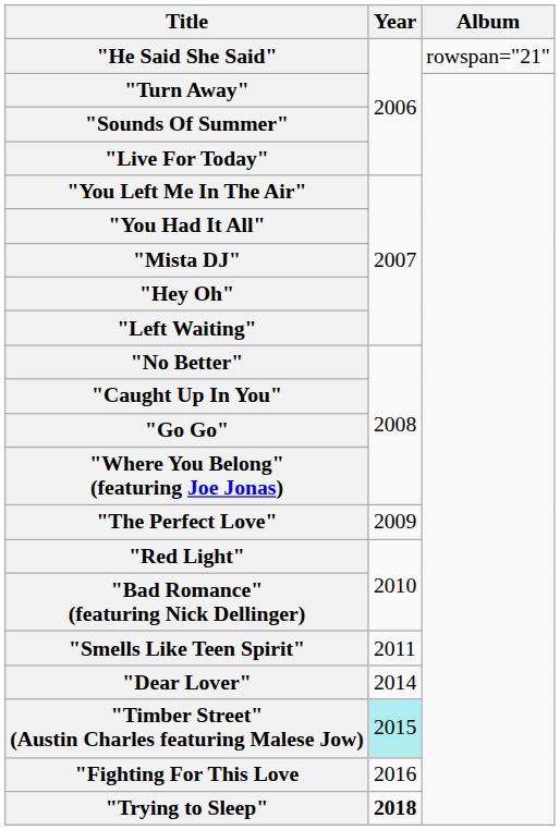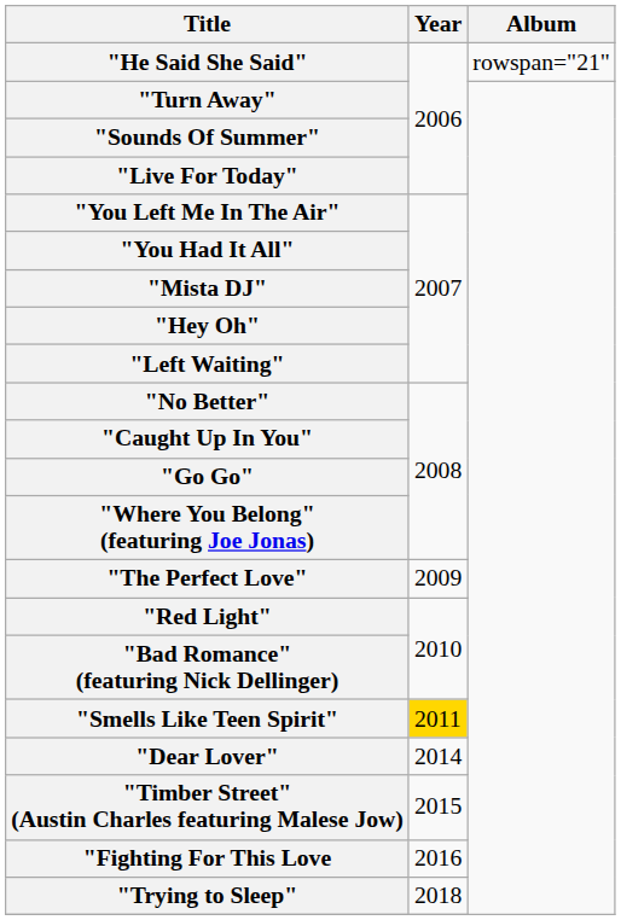 <table class="wikitable plainrowheaders">
 <tr>
 <th>Title</th>
 <th>Year</th>
 <th>Album</th>
 </tr>
 <tr>
 <th scope="row">"He Said She Said"</th>
 <td rowspan="4">2006</td>
 <td>rowspan="21" </td>
 </tr>
 <tr>
 <th scope="row">"Turn Away"</th>
 </tr>
 <tr>
 <th scope="row">"Sounds Of Summer"</th>
 </tr>
 <tr>
 <th scope="row">"Live For Today"</th>
 </tr>
 <tr>
 <th scope="row">"You Left Me In The Air"</th>
 <td rowspan="5">2007</td>
 </tr>
 <tr>
 <th scope="row">"You Had It All"</th>
 </tr>
 <tr>
 <th scope="row">"Mista DJ"</th>
 </tr>
 <tr>
 <th scope="row">"Hey Oh"</th>
 </tr>
 <tr>
 <th scope="row">"Left Waiting"</th>
 </tr>
 <tr>
 <th scope="row">"No Better"</th>
 <td rowspan="4">2008</td>
 </tr>
 <tr>
 <th scope="row">"Caught Up In You"</th>
 </tr>
 <tr>
 <th scope="row">"Go Go"</th>
 </tr>
 <tr>
 <th scope="row">"Where You Belong"<br><span>(featuring <a href='#'>Joe Jonas</a>)</span></th>
 </tr>
 <tr>
 <th scope="row">"The Perfect Love"</th>
 <td>2009</td>
 </tr>
 <tr>
 <th scope="row">"Red Light"</th>
 <td rowspan="2">2010</td>
 </tr>
 <tr>
 <th scope="row">"Bad Romance"<br><span>(featuring Nick Dellinger)</span></th>
 </tr>
 <tr>
 <th scope="row">"Smells Like Teen Spirit"</th>
-<td>2011</td>
+<td style="background: gold;">2011</td>
 </tr>
 <tr>
 <th scope="row">"Dear Lover"</th>
 <td>2014</td>
 </tr>
 <tr>
 <th scope="row">"Timber Street"<br><span>(Austin Charles featuring Malese Jow)</span></th>
-<td style="background: paleturquoise;">2015</td>
+<td>2015</td>
 </tr>
 <tr>
 <th scope="row">"Fighting For This Love</th>
 <td>2016</td>
 </tr>
 <tr>
 <th scope="row">"Trying to Sleep"</th>
-<td><strong>2018</strong></td>
+<td>2018</td>
 </tr>
 <tr>
 </tr>
 </table>
